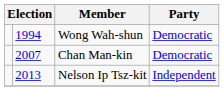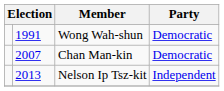 <table class="wikitable">
 <tr>
 <th colspan="2">Election</th>
 <th>Member</th>
 <th>Party</th>
 </tr>
 <tr>
 <td style="background-color:"></td>
-<td><a href='#'>1994</a></td>
+<td><a href='#'>1991</a></td>
 <td>Wong Wah-shun</td>
 <td><a href='#'>Democratic</a></td>
 </tr>
 <tr>
 <td style="background-color:"></td>
 <td><a href='#'>2007</a></td>
 <td>Chan Man-kin</td>
 <td><a href='#'>Democratic</a></td>
 </tr>
 <tr>
 <td style="background-color:"></td>
 <td><a href='#'>2013</a></td>
 <td>Nelson Ip Tsz-kit</td>
 <td><a href='#'>Independent</a></td>
 </tr>
 <tr>
 </tr>
 </table>
